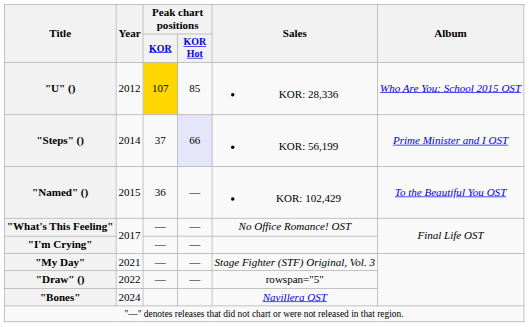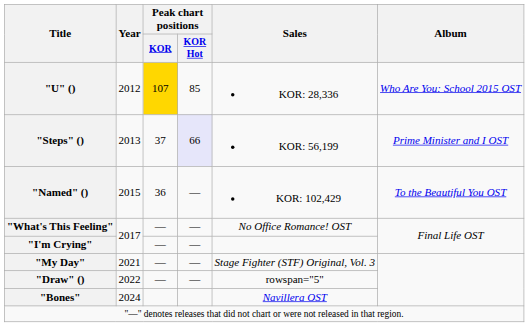 <table class="wikitable plainrowheaders" style="text-align:center;">
 <tr>
 <th scope="col" rowspan="2">Title</th>
 <th scope="col" rowspan="2">Year</th>
 <th scope="col" colspan="2">Peak chart positions</th>
 <th scope="col" rowspan="2">Sales</th>
 <th scope="col" rowspan="2">Album</th>
 </tr>
 <tr>
 <th scope="col" style="width:3em;font-size:90%;"><a href='#'>KOR</a><br></th>
 <th scope="col" style="width:3em;font-size:90%;"><a href='#'>KOR<br>Hot</a><br></th>
 </tr>
 <tr>
 <th scope="row">"U" ()</th>
 <td>2012</td>
 <td style="background: gold;">107</td>
 <td>85</td>
 <td><br><ul><li>KOR: 28,336</li></ul></td>
 <td><em><a href='#'>Who Are You: School 2015 OST</a></em></td>
 </tr>
 <tr>
 <th scope="row">"Steps" ()</th>
-<td>2014</td>
+<td>2013</td>
 <td>37</td>
 <td style="background: lavender;">66</td>
 <td><br><ul><li>KOR: 56,199</li></ul></td>
 <td><em><a href='#'>Prime Minister and I OST</a></em></td>
 </tr>
 <tr>
 <th scope="row">"Named" ()<br></th>
 <td>2015</td>
 <td>36</td>
 <td>—</td>
 <td><br><ul><li>KOR: 102,429</li></ul></td>
 <td><em><a href='#'>To the Beautiful You OST</a></em></td>
 </tr>
 <tr>
 <th scope="row">"What's This Feeling"</th>
 <td rowspan="2">2017</td>
 <td>—</td>
 <td>—</td>
 <td><em>No Office Romance! OST</em></td>
 <td rowspan="2"><em>Final Life OST</em></td>
 </tr>
 <tr>
 <th scope="row">"I'm Crying"</th>
 <td>—</td>
 <td>—</td>
 </tr>
 <tr>
 <th scope="row">"My Day"</th>
 <td>2021</td>
 <td>—</td>
 <td>—</td>
 <td><em>Stage Fighter (STF) Original, Vol. 3</em></td>
 </tr>
 <tr>
 <th scope="row">"Draw" ()</th>
 <td>2022</td>
 <td>—</td>
 <td>—</td>
 <td>rowspan="5" </td>
 </tr>
 <tr>
 <th scope="row">"Bones"</th>
 <td>2024</td>
 <td></td>
 <td></td>
 <td><em><a href='#'>Navillera OST</a></em></td>
 </tr>
 <tr>
 <td colspan="8" style="text-align:center; font-size:85%">"—" denotes releases that did not chart or were not released in that region.</td>
 </tr>
 </table>
